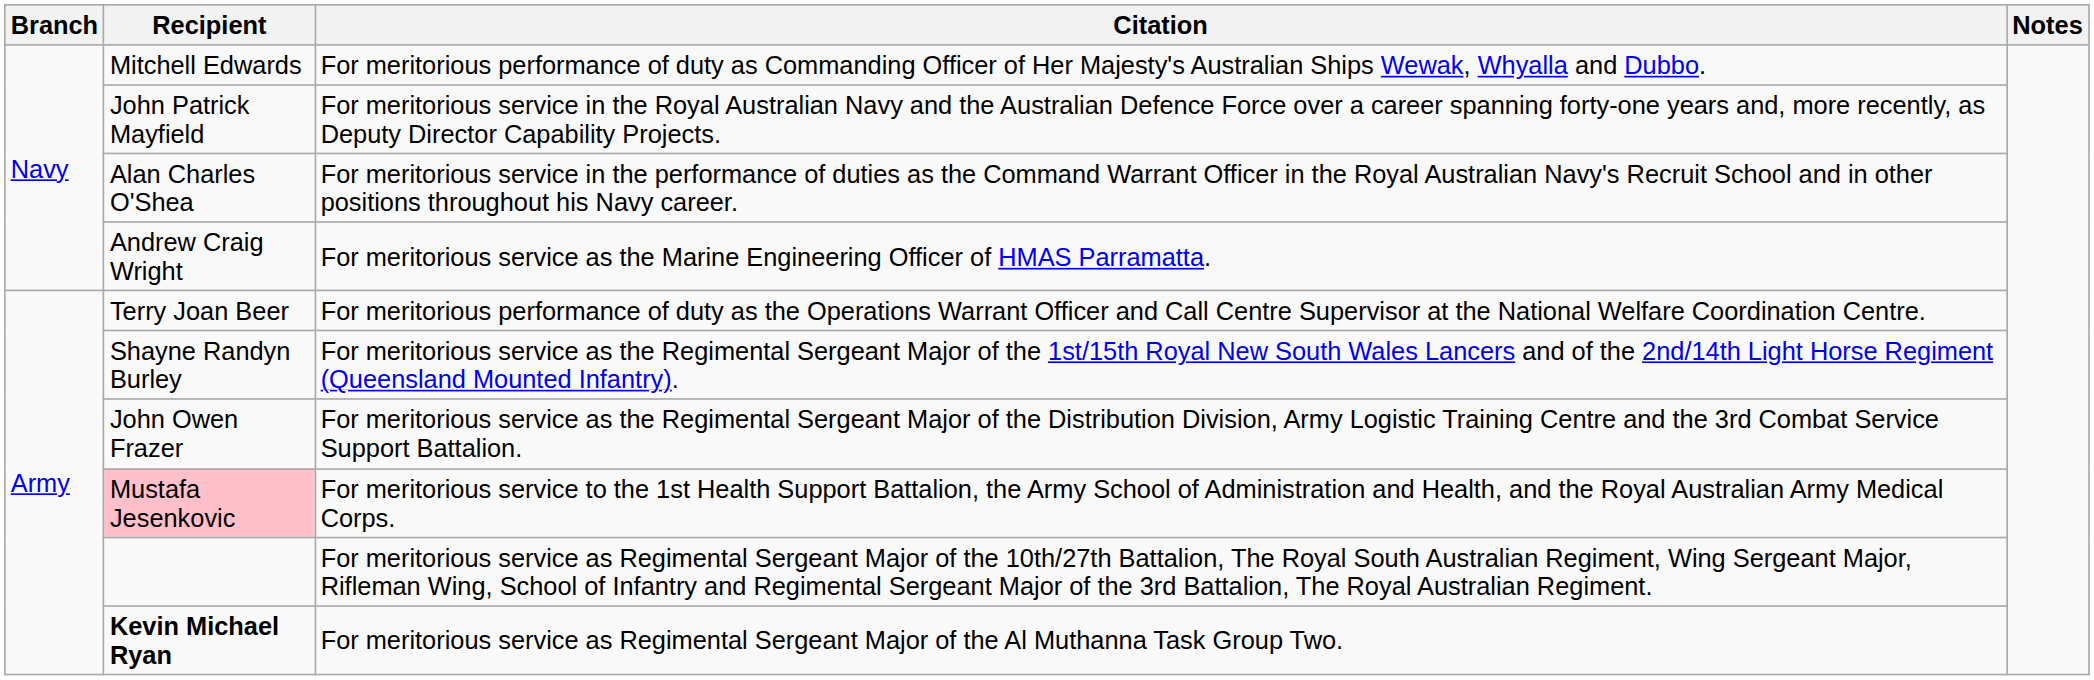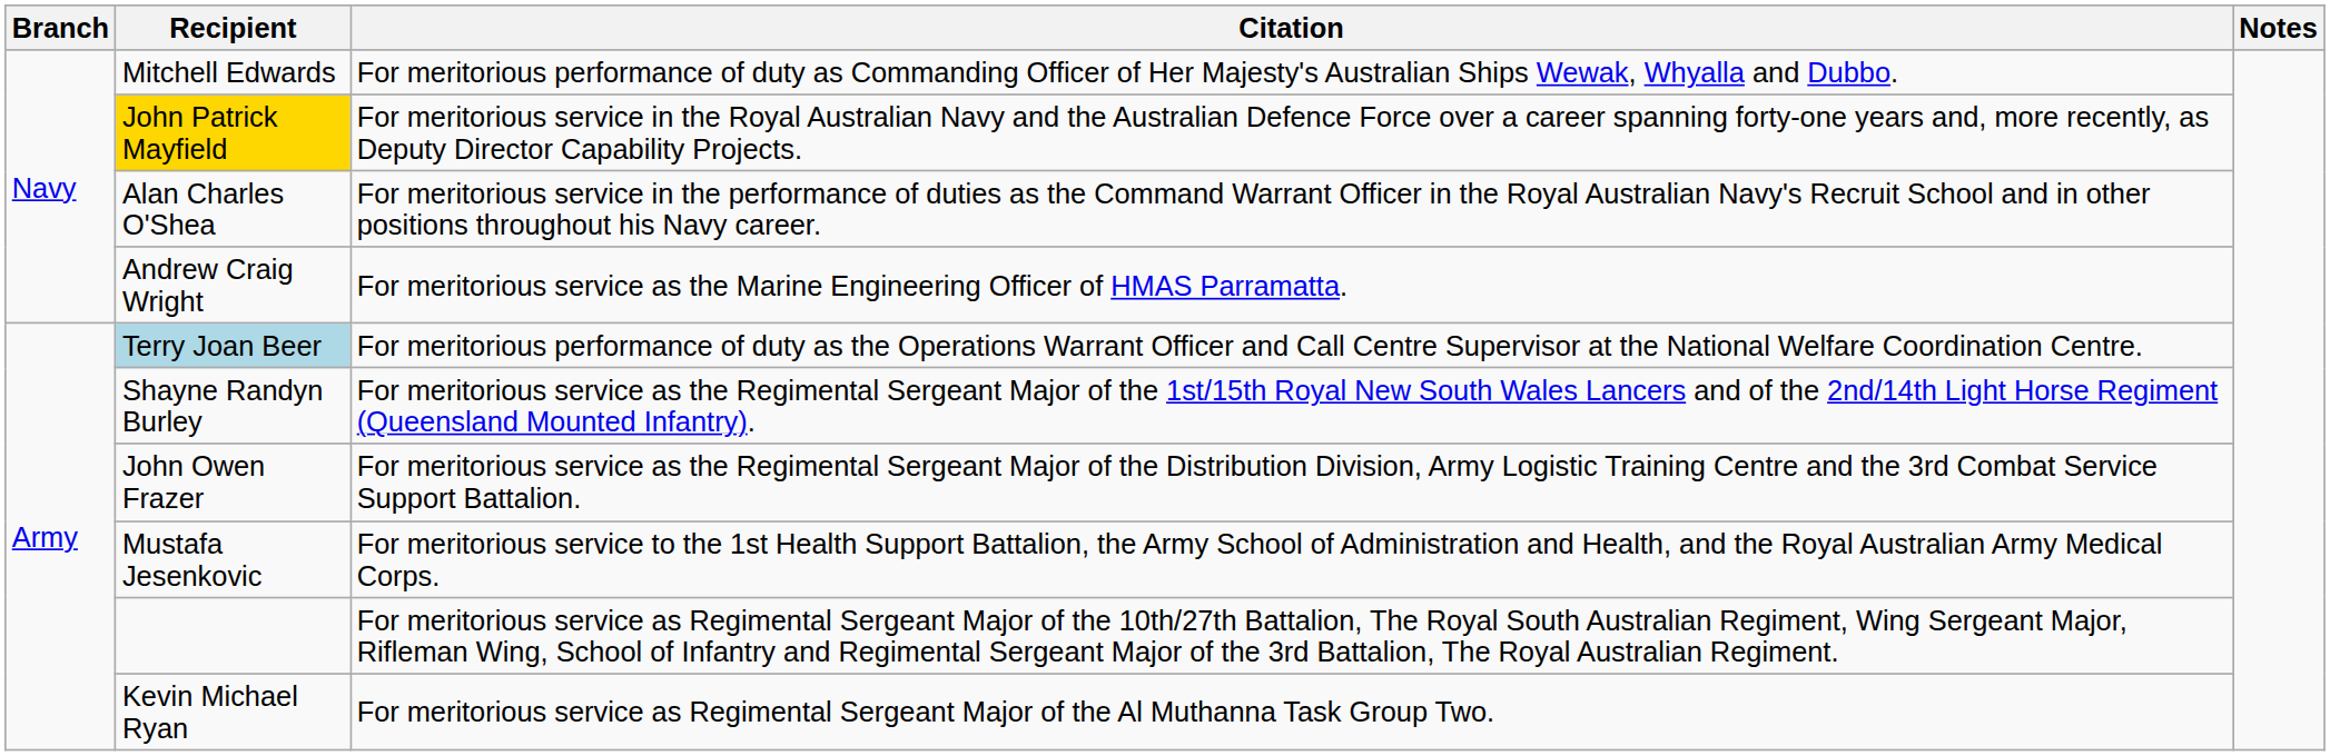 <table class="wikitable" style="font-size:95%;">
 <tr>
 <th>Branch</th>
 <th>Recipient</th>
 <th>Citation</th>
 <th>Notes</th>
 </tr>
 <tr>
 <td rowspan=4><a href='#'>Navy</a></td>
 <td> Mitchell Edwards </td>
 <td>For meritorious performance of duty as Commanding Officer of Her Majesty's Australian Ships <a href='#'>Wewak</a>, <a href='#'>Whyalla</a> and <a href='#'>Dubbo</a>.</td>
 <td rowspan=10></td>
 </tr>
 <tr>
-<td> John Patrick Mayfield </td>
+<td style="background: gold;"> John Patrick Mayfield </td>
 <td>For meritorious service in the Royal Australian Navy and the Australian Defence Force over a career spanning forty-one years and, more recently, as Deputy Director Capability Projects.</td>
 </tr>
 <tr>
 <td> Alan Charles O'Shea</td>
 <td>For meritorious service in the performance of duties as the Command Warrant Officer in the Royal Australian Navy's Recruit School and in other positions throughout his Navy career.</td>
 </tr>
 <tr>
 <td> Andrew Craig Wright </td>
 <td>For meritorious service as the Marine Engineering Officer of <a href='#'>HMAS Parramatta</a>.</td>
 </tr>
 <tr>
 <td rowspan=6><a href='#'>Army</a></td>
-<td> Terry Joan Beer</td>
+<td style="background: lightblue;"> Terry Joan Beer</td>
 <td>For meritorious performance of duty as the Operations Warrant Officer and Call Centre Supervisor at the National Welfare Coordination Centre.</td>
 </tr>
 <tr>
 <td> Shayne Randyn Burley</td>
 <td>For meritorious service as the Regimental Sergeant Major of the <a href='#'>1st/15th Royal New South Wales Lancers</a> and of the <a href='#'>2nd/14th Light Horse Regiment (Queensland Mounted Infantry)</a>.</td>
 </tr>
 <tr>
 <td> John Owen Frazer</td>
 <td>For meritorious service as the Regimental Sergeant Major of the Distribution Division, Army Logistic Training Centre and the 3rd Combat Service Support Battalion.</td>
 </tr>
 <tr>
-<td style="background: pink;"> Mustafa Jesenkovic </td>
+<td> Mustafa Jesenkovic </td>
 <td>For meritorious service to the 1st Health Support Battalion, the Army School of Administration and Health, and the Royal Australian Army Medical Corps.</td>
 </tr>
 <tr>
 <td></td>
 <td>For meritorious service as Regimental Sergeant Major of the 10th/27th Battalion, The Royal South Australian Regiment, Wing Sergeant Major, Rifleman Wing, School of Infantry and Regimental Sergeant Major of the 3rd Battalion, The Royal Australian Regiment.</td>
 </tr>
 <tr>
-<td><strong> Kevin Michael Ryan</strong></td>
+<td> Kevin Michael Ryan</td>
 <td>For meritorious service as Regimental Sergeant Major of the Al Muthanna Task Group Two.</td>
 </tr>
 </table>
